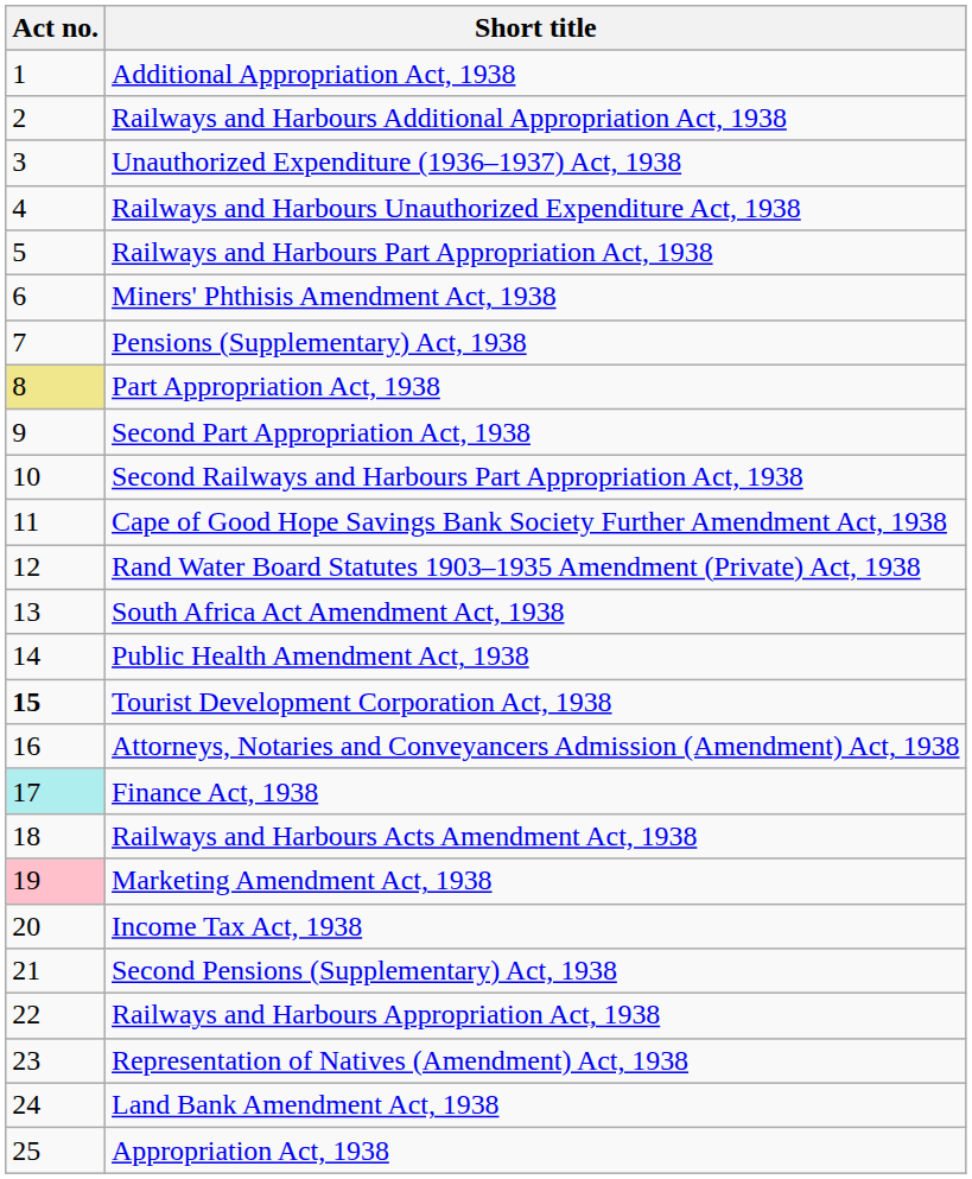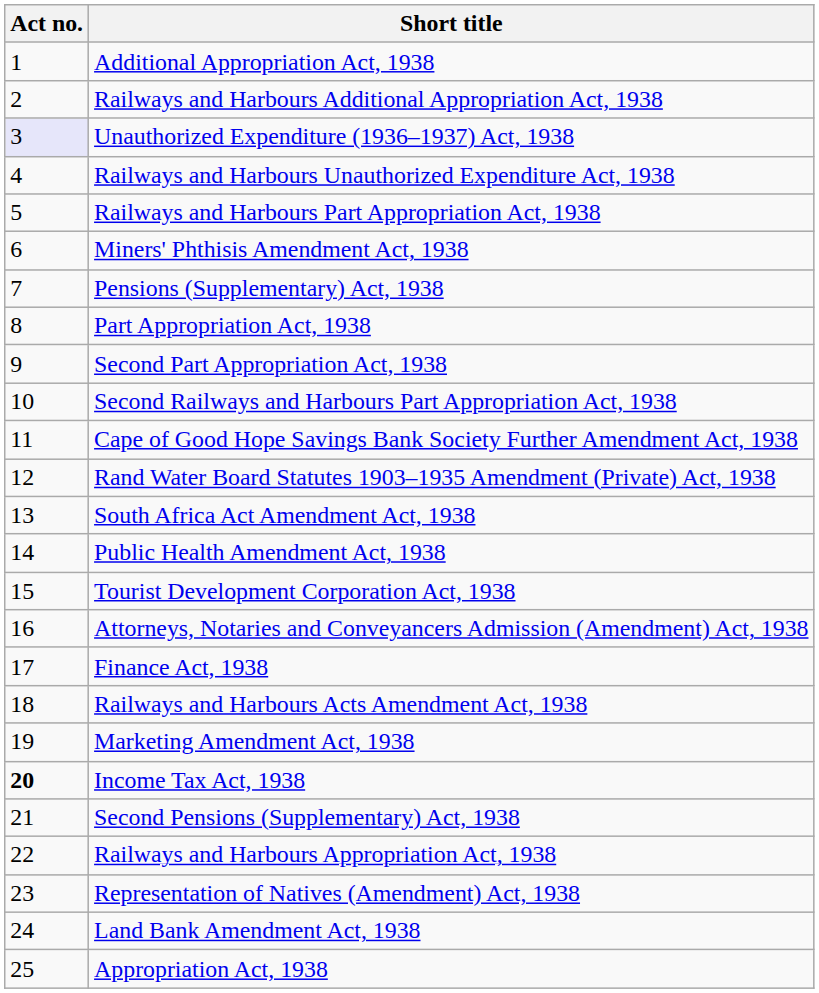 <table class="wikitable sortable">
 <tr>
 <th>Act no.</th>
 <th>Short title</th>
 </tr>
 <tr>
 <td>1</td>
 <td><a href='#'>Additional Appropriation Act, 1938</a></td>
 </tr>
 <tr>
 <td>2</td>
 <td><a href='#'>Railways and Harbours Additional Appropriation Act, 1938</a></td>
 </tr>
 <tr>
-<td>3</td>
+<td style="background: lavender;">3</td>
 <td><a href='#'>Unauthorized Expenditure (1936–1937) Act, 1938</a></td>
 </tr>
 <tr>
 <td>4</td>
 <td><a href='#'>Railways and Harbours Unauthorized Expenditure Act, 1938</a></td>
 </tr>
 <tr>
 <td>5</td>
 <td><a href='#'>Railways and Harbours Part Appropriation Act, 1938</a></td>
 </tr>
 <tr>
 <td>6</td>
 <td><a href='#'>Miners' Phthisis Amendment Act, 1938</a></td>
 </tr>
 <tr>
 <td>7</td>
 <td><a href='#'>Pensions (Supplementary) Act, 1938</a></td>
 </tr>
 <tr>
-<td style="background: khaki;">8</td>
+<td>8</td>
 <td><a href='#'>Part Appropriation Act, 1938</a></td>
 </tr>
 <tr>
 <td>9</td>
 <td><a href='#'>Second Part Appropriation Act, 1938</a></td>
 </tr>
 <tr>
 <td>10</td>
 <td><a href='#'>Second Railways and Harbours Part Appropriation Act, 1938</a></td>
 </tr>
 <tr>
 <td>11</td>
 <td><a href='#'>Cape of Good Hope Savings Bank Society Further Amendment Act, 1938</a></td>
 </tr>
 <tr>
 <td>12</td>
 <td><a href='#'>Rand Water Board Statutes 1903–1935 Amendment (Private) Act, 1938</a></td>
 </tr>
 <tr>
 <td>13</td>
 <td><a href='#'>South Africa Act Amendment Act, 1938</a></td>
 </tr>
 <tr>
 <td>14</td>
 <td><a href='#'>Public Health Amendment Act, 1938</a></td>
 </tr>
 <tr>
-<td><strong>15</strong></td>
+<td>15</td>
 <td><a href='#'>Tourist Development Corporation Act, 1938</a></td>
 </tr>
 <tr>
 <td>16</td>
 <td><a href='#'>Attorneys, Notaries and Conveyancers Admission (Amendment) Act, 1938</a></td>
 </tr>
 <tr>
-<td style="background: paleturquoise;">17</td>
+<td>17</td>
 <td><a href='#'>Finance Act, 1938</a></td>
 </tr>
 <tr>
 <td>18</td>
 <td><a href='#'>Railways and Harbours Acts Amendment Act, 1938</a></td>
 </tr>
 <tr>
-<td style="background: pink;">19</td>
+<td>19</td>
 <td><a href='#'>Marketing Amendment Act, 1938</a></td>
 </tr>
 <tr>
-<td>20</td>
+<td><strong>20</strong></td>
 <td><a href='#'>Income Tax Act, 1938</a></td>
 </tr>
 <tr>
 <td>21</td>
 <td><a href='#'>Second Pensions (Supplementary) Act, 1938</a></td>
 </tr>
 <tr>
 <td>22</td>
 <td><a href='#'>Railways and Harbours Appropriation Act, 1938</a></td>
 </tr>
 <tr>
 <td>23</td>
 <td><a href='#'>Representation of Natives (Amendment) Act, 1938</a></td>
 </tr>
 <tr>
 <td>24</td>
 <td><a href='#'>Land Bank Amendment Act, 1938</a></td>
 </tr>
 <tr>
 <td>25</td>
 <td><a href='#'>Appropriation Act, 1938</a></td>
 </tr>
 </table>
